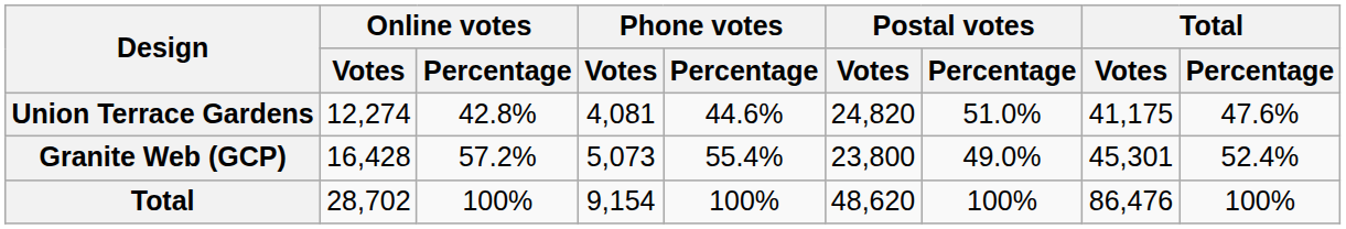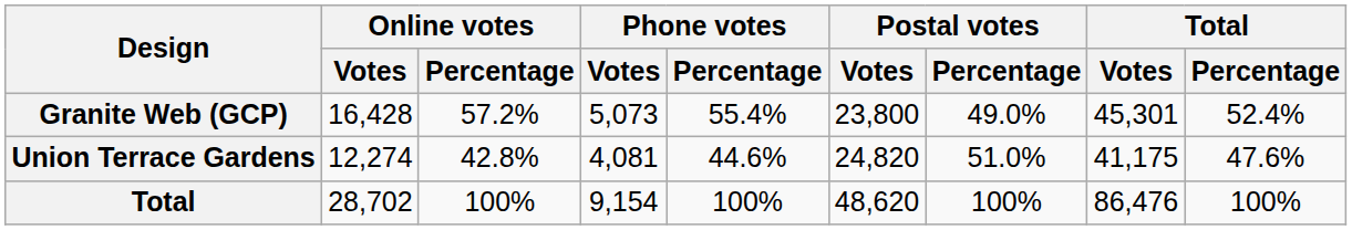 <table class="wikitable" style="text-align:center">
 <tr>
 <th rowspan="2">Design</th>
 <th colspan="2">Online votes</th>
 <th colspan="2">Phone votes</th>
 <th colspan="2">Postal votes</th>
 <th colspan="2">Total</th>
 </tr>
 <tr>
 <th>Votes</th>
 <th>Percentage</th>
 <th>Votes</th>
 <th>Percentage</th>
 <th>Votes</th>
 <th>Percentage</th>
 <th>Votes</th>
 <th>Percentage</th>
 </tr>
 <tr>
+<th>Granite Web (GCP)</th>
+<td>16,428</td>
+<td>57.2%</td>
+<td>5,073</td>
+<td>55.4%</td>
+<td>23,800</td>
+<td>49.0%</td>
+<td>45,301</td>
+<td>52.4%</td>
+</tr>
+<tr>
 <th>Union Terrace Gardens</th>
 <td>12,274</td>
 <td>42.8%</td>
 <td>4,081</td>
 <td>44.6%</td>
 <td>24,820</td>
 <td>51.0%</td>
 <td>41,175</td>
 <td>47.6%</td>
-</tr>
-<tr>
-<th>Granite Web (GCP)</th>
-<td>16,428</td>
-<td>57.2%</td>
-<td>5,073</td>
-<td>55.4%</td>
-<td>23,800</td>
-<td>49.0%</td>
-<td>45,301</td>
-<td>52.4%</td>
 </tr>
 <tr>
 <th>Total</th>
 <td>28,702</td>
 <td>100%</td>
 <td>9,154</td>
 <td>100%</td>
 <td>48,620</td>
 <td>100%</td>
 <td>86,476</td>
 <td>100%</td>
 </tr>
 </table>
